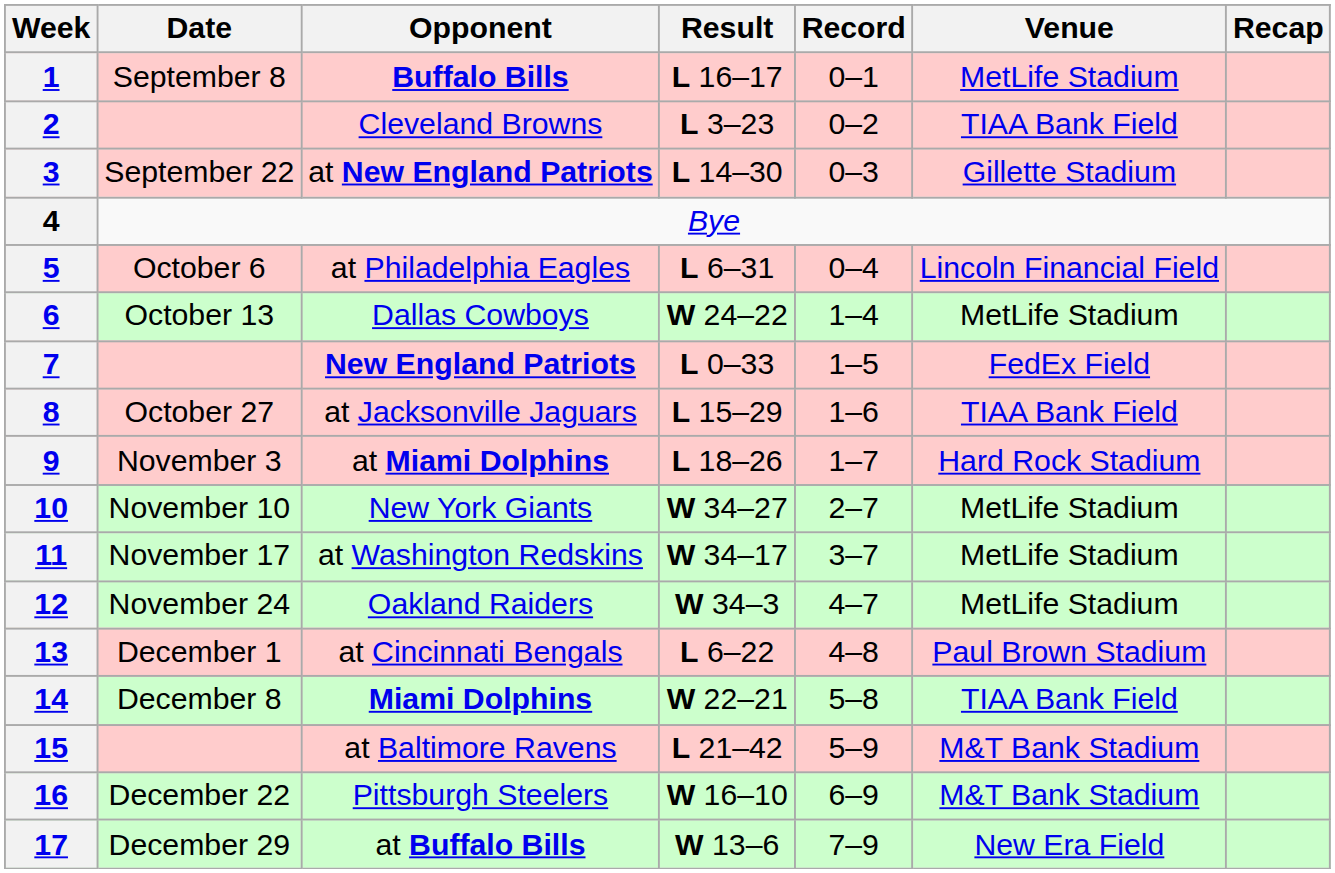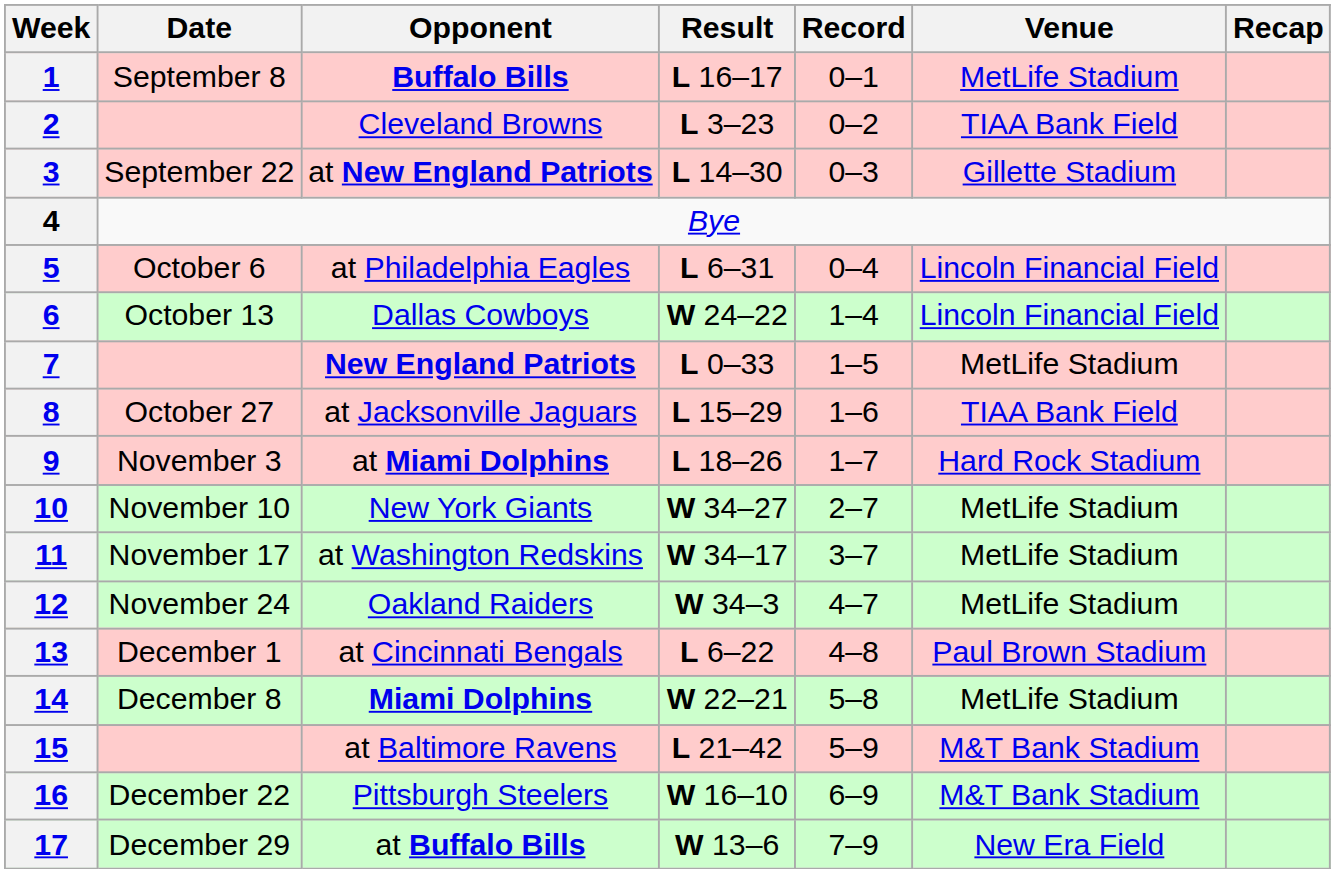 <table class="wikitable" style="text-align:center">
 <tr>
 <th>Week</th>
 <th>Date</th>
 <th>Opponent</th>
 <th>Result</th>
 <th>Record</th>
 <th>Venue</th>
 <th>Recap</th>
 </tr>
 <tr style="background:#fcc">
 <th><a href='#'>1</a></th>
 <td>September 8</td>
 <td><strong><a href='#'>Buffalo Bills</a></strong></td>
 <td><strong>L</strong> 16–17</td>
 <td>0–1</td>
 <td><a href='#'>MetLife Stadium</a></td>
 <td></td>
 </tr>
 <tr style="background:#fcc">
 <th><a href='#'>2</a></th>
 <td></td>
 <td><a href='#'>Cleveland Browns</a></td>
 <td><strong>L</strong> 3–23</td>
 <td>0–2</td>
 <td><a href='#'>TIAA Bank Field</a></td>
 <td></td>
 </tr>
 <tr style="background:#fcc">
 <th><a href='#'>3</a></th>
 <td>September 22</td>
 <td>at <strong><a href='#'>New England Patriots</a></strong></td>
 <td><strong>L</strong> 14–30</td>
 <td>0–3</td>
 <td><a href='#'>Gillette Stadium</a></td>
 <td></td>
 </tr>
 <tr>
 <th>4</th>
 <td colspan="6"><em><a href='#'>Bye</a></em></td>
 </tr>
 <tr style="background:#fcc">
 <th><a href='#'>5</a></th>
 <td>October 6</td>
 <td>at <a href='#'>Philadelphia Eagles</a></td>
 <td><strong>L</strong> 6–31</td>
 <td>0–4</td>
 <td><a href='#'>Lincoln Financial Field</a></td>
 <td></td>
 </tr>
 <tr style="background:#cfc">
 <th><a href='#'>6</a></th>
 <td>October 13</td>
 <td><a href='#'>Dallas Cowboys</a></td>
 <td><strong>W</strong> 24–22</td>
 <td>1–4</td>
-<td>MetLife Stadium</td>
+<td><a href='#'>Lincoln Financial Field</a></td>
 <td></td>
 </tr>
 <tr style="background:#fcc">
 <th><a href='#'>7</a></th>
 <td></td>
 <td><strong><a href='#'>New England Patriots</a></strong></td>
 <td><strong>L</strong> 0–33</td>
 <td>1–5</td>
-<td><a href='#'>FedEx Field</a></td>
+<td>MetLife Stadium</td>
 <td></td>
 </tr>
 <tr style="background:#fcc">
 <th><a href='#'>8</a></th>
 <td>October 27</td>
 <td>at <a href='#'>Jacksonville Jaguars</a></td>
 <td><strong>L</strong> 15–29</td>
 <td>1–6</td>
 <td><a href='#'>TIAA Bank Field</a></td>
 <td></td>
 </tr>
 <tr style="background:#fcc">
 <th><a href='#'>9</a></th>
 <td>November 3</td>
 <td>at <strong><a href='#'>Miami Dolphins</a></strong></td>
 <td><strong>L</strong> 18–26</td>
 <td>1–7</td>
 <td><a href='#'>Hard Rock Stadium</a></td>
 <td></td>
 </tr>
 <tr style="background:#cfc">
 <th><a href='#'>10</a></th>
 <td>November 10</td>
 <td><a href='#'>New York Giants</a></td>
 <td><strong>W</strong> 34–27</td>
 <td>2–7</td>
 <td>MetLife Stadium</td>
 <td></td>
 </tr>
 <tr style="background:#cfc">
 <th><a href='#'>11</a></th>
 <td>November 17</td>
 <td>at <a href='#'>Washington Redskins</a></td>
 <td><strong>W</strong> 34–17</td>
 <td>3–7</td>
 <td>MetLife Stadium</td>
 <td></td>
 </tr>
 <tr style="background:#cfc">
 <th><a href='#'>12</a></th>
 <td>November 24</td>
 <td><a href='#'>Oakland Raiders</a></td>
 <td><strong>W</strong> 34–3</td>
 <td>4–7</td>
 <td>MetLife Stadium</td>
 <td></td>
 </tr>
 <tr style="background:#fcc">
 <th><a href='#'>13</a></th>
 <td>December 1</td>
 <td>at <a href='#'>Cincinnati Bengals</a></td>
 <td><strong>L</strong> 6–22</td>
 <td>4–8</td>
 <td><a href='#'>Paul Brown Stadium</a></td>
 <td></td>
 </tr>
 <tr style="background:#cfc">
 <th><a href='#'>14</a></th>
 <td>December 8</td>
 <td><strong><a href='#'>Miami Dolphins</a></strong></td>
 <td><strong>W</strong> 22–21</td>
 <td>5–8</td>
-<td><a href='#'>TIAA Bank Field</a></td>
+<td>MetLife Stadium</td>
 <td></td>
 </tr>
 <tr style="background:#fcc">
 <th><a href='#'>15</a></th>
 <td></td>
 <td>at <a href='#'>Baltimore Ravens</a></td>
 <td><strong>L</strong> 21–42</td>
 <td>5–9</td>
 <td><a href='#'>M&T Bank Stadium</a></td>
 <td></td>
 </tr>
 <tr style="background:#cfc">
 <th><a href='#'>16</a></th>
 <td>December 22</td>
 <td><a href='#'>Pittsburgh Steelers</a></td>
 <td><strong>W</strong> 16–10</td>
 <td>6–9</td>
 <td><a href='#'>M&T Bank Stadium</a></td>
 <td></td>
 </tr>
 <tr style="background:#cfc">
 <th><a href='#'>17</a></th>
 <td>December 29</td>
 <td>at <strong><a href='#'>Buffalo Bills</a></strong></td>
 <td><strong>W</strong> 13–6</td>
 <td>7–9</td>
 <td><a href='#'>New Era Field</a></td>
 <td></td>
 </tr>
 </table>
